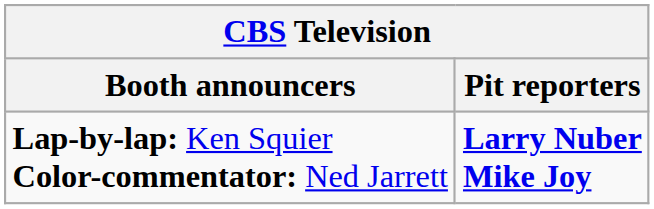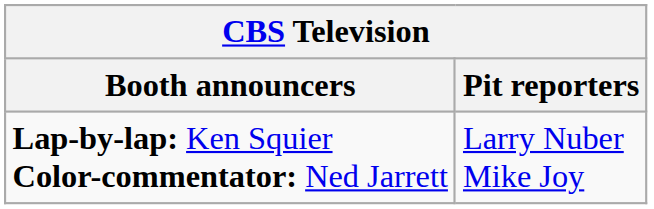 <table class="wikitable" style="font-size: 95%;">
 <tr>
 <th colspan="2"><a href='#'>CBS</a> Television</th>
 </tr>
 <tr>
 <th>Booth announcers</th>
 <th>Pit reporters</th>
 </tr>
 <tr>
 <td><strong>Lap-by-lap:</strong> <a href='#'>Ken Squier</a><br><strong>Color-commentator:</strong> <a href='#'>Ned Jarrett</a></td>
-<td><strong><a href='#'>Larry Nuber</a> <br> <a href='#'>Mike Joy</a></strong></td>
+<td><a href='#'>Larry Nuber</a> <br> <a href='#'>Mike Joy</a></td>
 </tr>
 </table>
